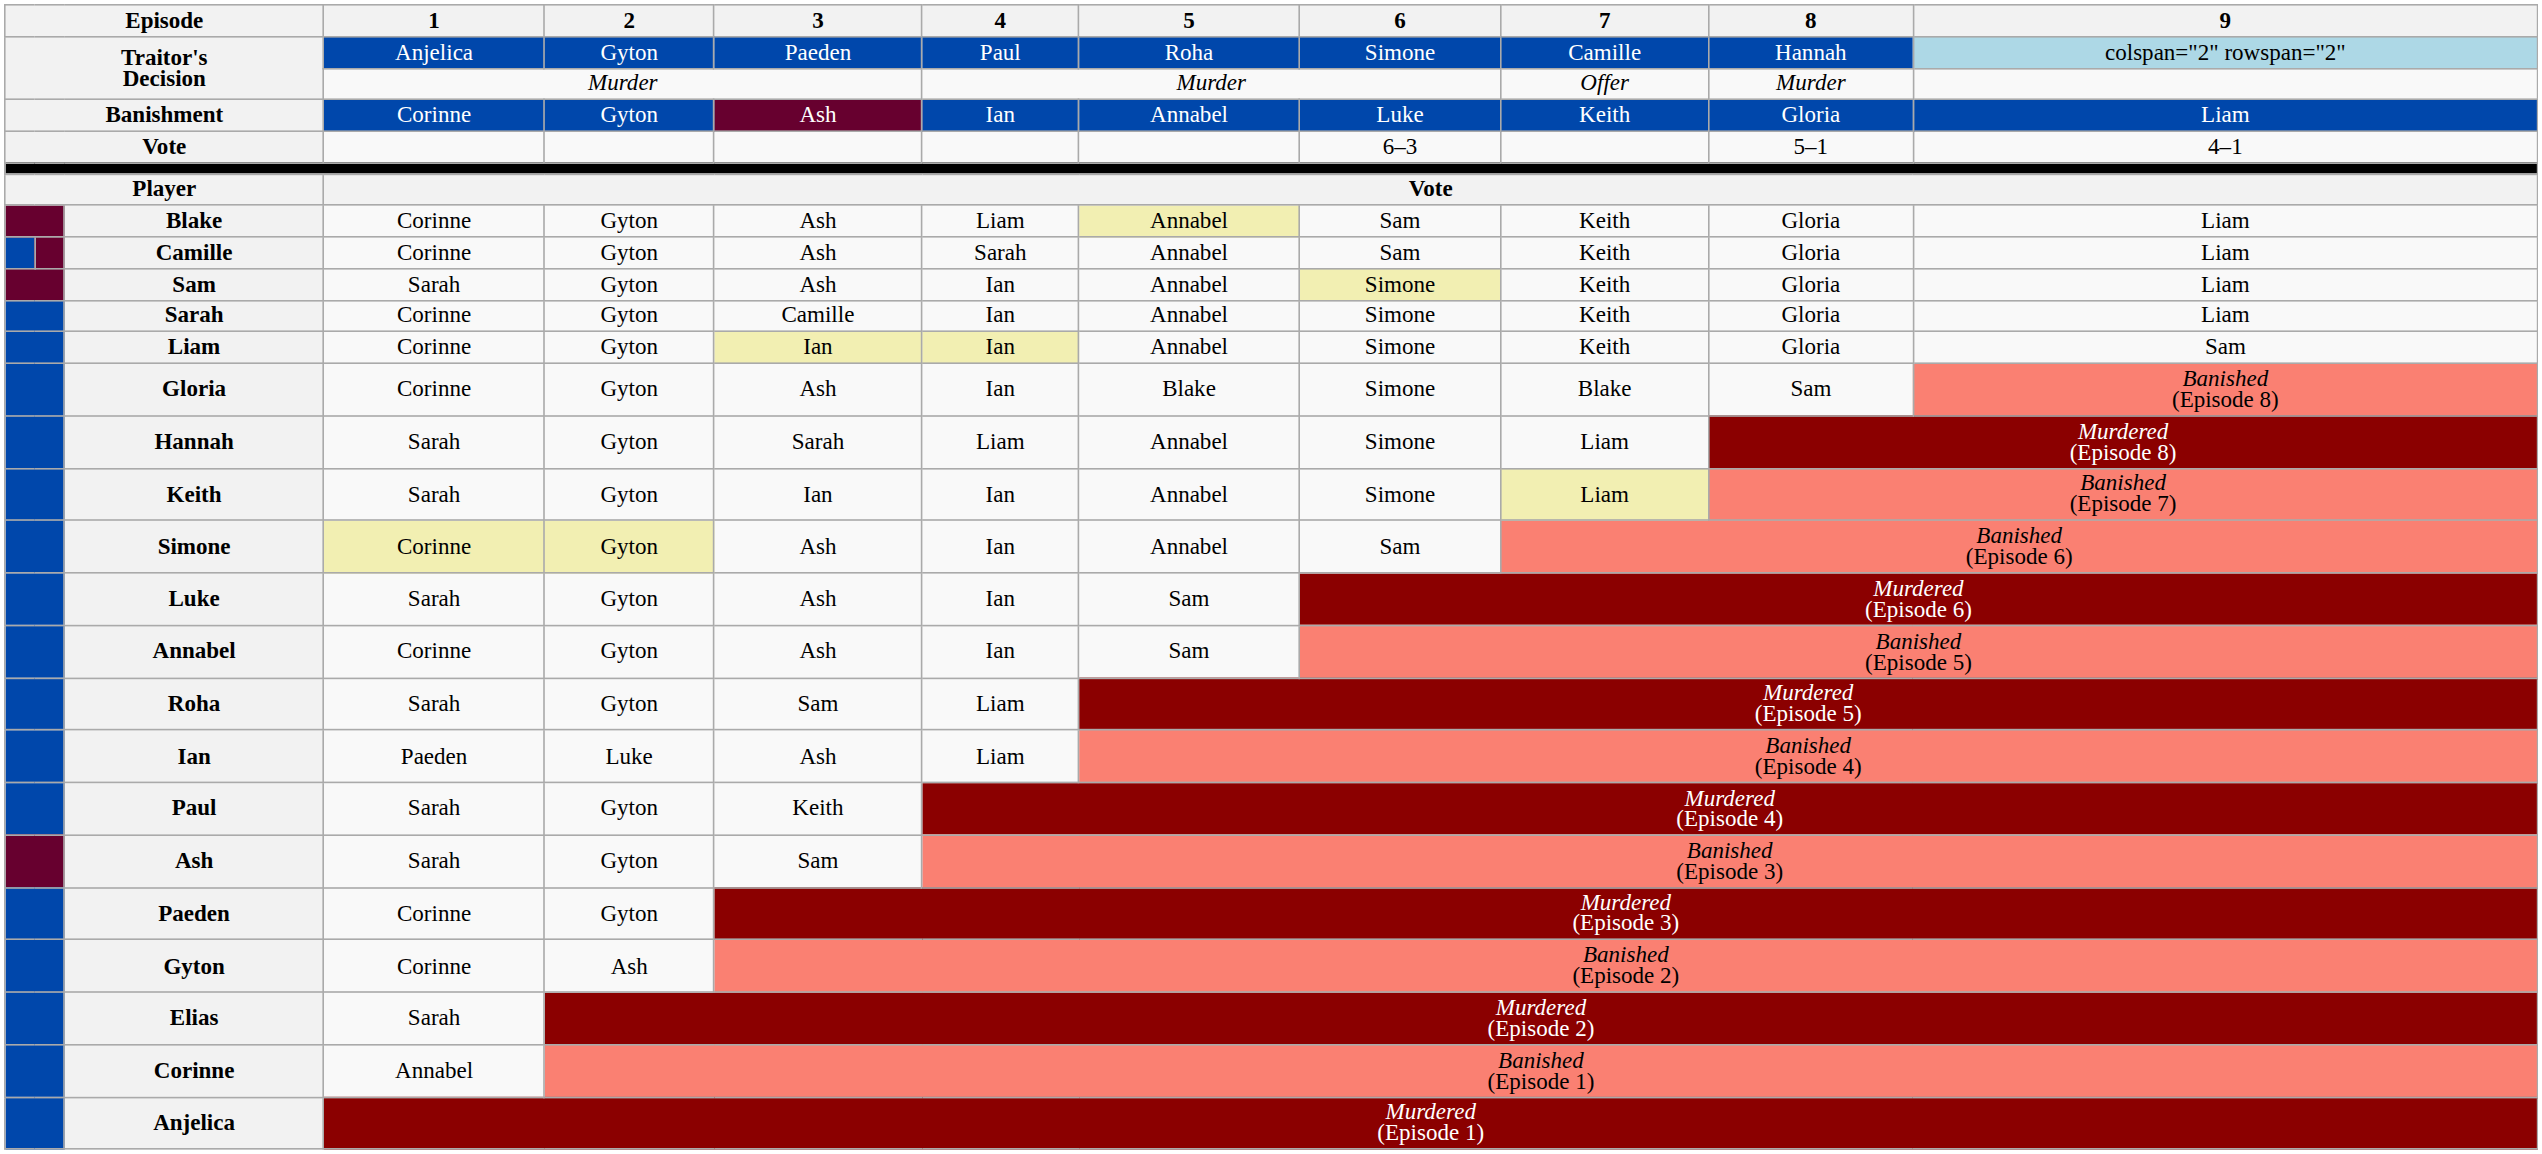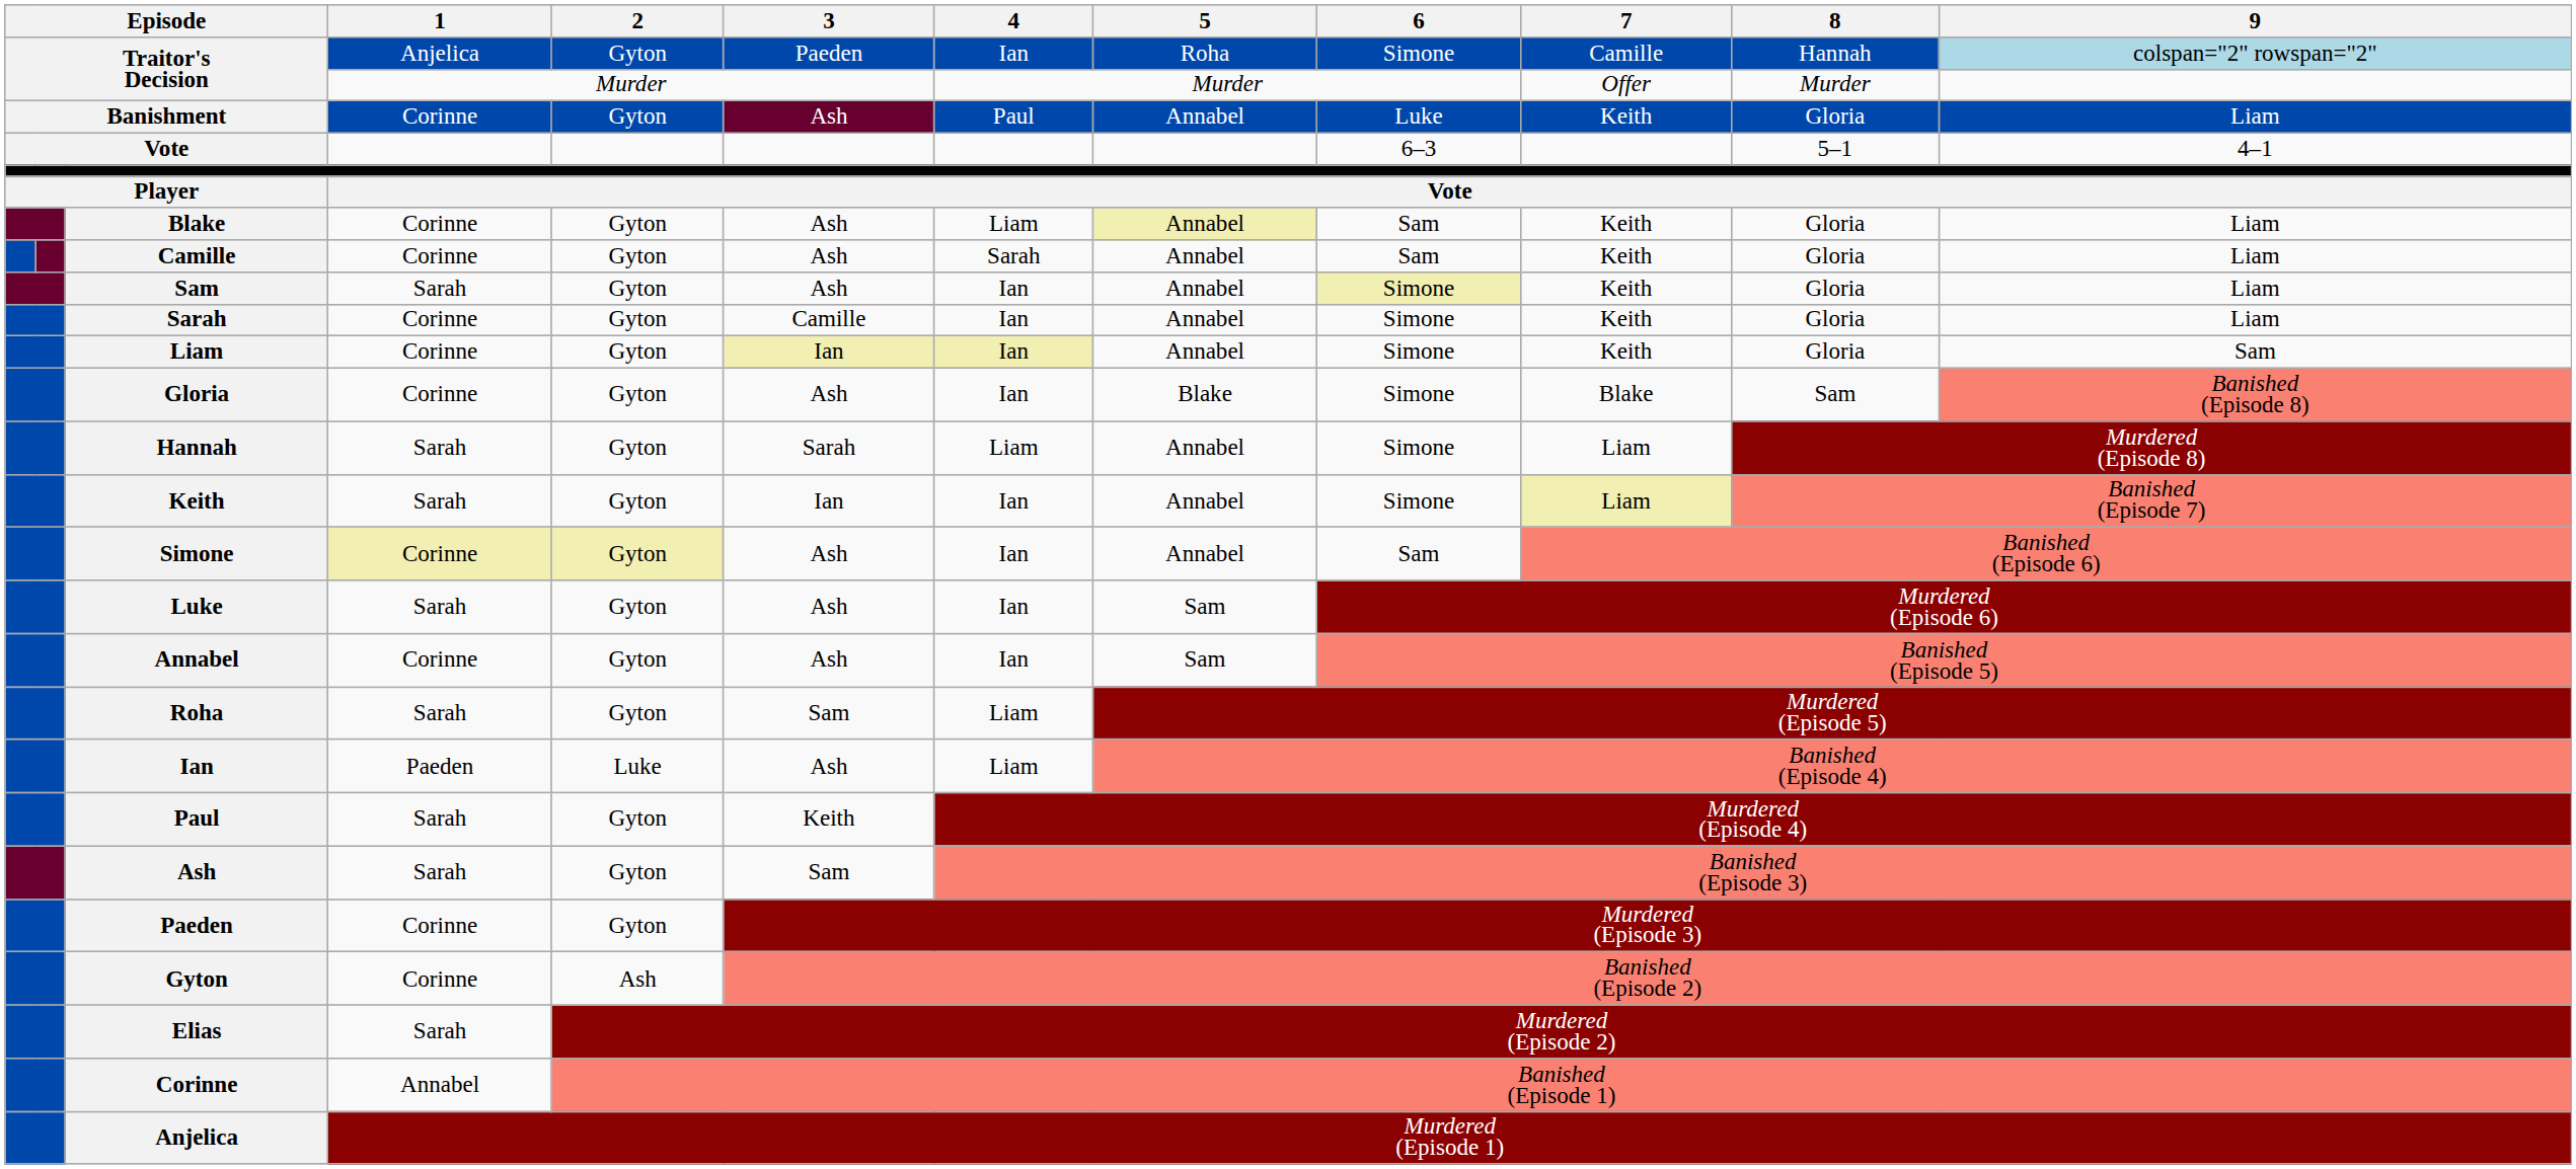 <table class="wikitable" style="text-align:center; width:100%; font-size:90%; line-height:13px">
 <tr>
 <th colspan="3">Episode</th>
 <th>1</th>
 <th>2</th>
 <th>3</th>
 <th>4</th>
 <th>5</th>
 <th>6</th>
 <th>7</th>
 <th>8</th>
 <th colspan="4">9</th>
 </tr>
 <tr>
 <th colspan="3" rowspan="2">Traitor's<br>Decision</th>
 <td bgcolor="#0047AB" align="center" span style="color:#FFFFFF;">Anjelica</td>
 <td bgcolor="#0047AB" align="center" span style="color:#FFFFFF;">Gyton</td>
 <td bgcolor="#0047AB" align="center" span style="color:#FFFFFF;">Paeden</td>
-<td bgcolor="#0047AB" align="center" span style="color:#FFFFFF;">Paul</td>
+<td bgcolor="#0047AB" align="center" span style="color:#FFFFFF;">Ian</td>
 <td bgcolor="#0047AB" align="center" span style="color:#FFFFFF;">Roha</td>
 <td bgcolor="#0047AB" align="center" span style="color:#FFFFFF;">Simone</td>
 <td bgcolor="#0047AB" align="center" span style="color:#FFFFFF;">Camille</td>
 <td bgcolor="#0047AB" align="center" span style="color:#FFFFFF;">Hannah</td>
 <td style="background: lightblue;">colspan="2" rowspan="2" </td>
 </tr>
 <tr>
 <td colspan="3" align="center"><em>Murder</em></td>
 <td colspan="3" align="center"><em>Murder</em></td>
 <td align="center"><em>Offer</em></td>
 <td align="center"><em>Murder</em></td>
 </tr>
 <tr>
 <th colspan="3">Banishment</th>
 <td bgcolor="#0047AB" align="center" span style="color:#FFFFFF;">Corinne</td>
 <td bgcolor="#0047AB" align="center" span style="color:#FFFFFF;">Gyton</td>
 <td bgcolor="#67002F" align="center" span style="color:#FFFFFF;">Ash</td>
-<td bgcolor="#0047AB" align="center" span style="color:#FFFFFF;">Ian</td>
+<td bgcolor="#0047AB" align="center" span style="color:#FFFFFF;">Paul</td>
 <td bgcolor="#0047AB" align="center" span style="color:#FFFFFF;">Annabel</td>
 <td bgcolor="#0047AB" align="center" span style="color:#FFFFFF;">Luke</td>
 <td bgcolor="#0047AB" align="center" span style="color:#FFFFFF;">Keith</td>
 <td bgcolor="#0047AB" align="center" span style="color:#FFFFFF;">Gloria</td>
 <td bgcolor="#0047AB" align="center" span style="color:#FFFFFF;">Liam</td>
 </tr>
 <tr>
 <th colspan="3">Vote</th>
 <td align="center"></td>
 <td align="center"></td>
 <td align="center"></td>
 <td align="center"></td>
 <td align="center"></td>
 <td align="center">6–3</td>
 <td align="center"></td>
 <td align="center">5–1</td>
 <td align="center">4–1</td>
 </tr>
 <tr>
 <td colspan="18" bgcolor="#000000"></td>
 </tr>
 <tr>
 <th colspan=3>Player</th>
 <th colspan=12>Vote</th>
 </tr>
 <tr>
 <td colspan="2" bgcolor="#67002F"></td>
 <th>Blake</th>
 <td align="center">Corinne</td>
 <td align="center">Gyton</td>
 <td align="center">Ash</td>
 <td align="center">Liam</td>
 <td bgcolor="F2EFB2" align="center">Annabel</td>
 <td align="center">Sam</td>
 <td align="center">Keith</td>
 <td align="center">Gloria</td>
 <td align="center">Liam</td>
 </tr>
 <tr>
 <td bgcolor="#0047AB"></td>
 <td colspan="1" bgcolor="#67002F"></td>
 <th>Camille</th>
 <td align="center">Corinne</td>
 <td align="center">Gyton</td>
 <td align="center">Ash</td>
 <td align="center">Sarah</td>
 <td align="center">Annabel</td>
 <td align="center">Sam</td>
 <td align="center">Keith</td>
 <td align="center">Gloria</td>
 <td align="center">Liam</td>
 </tr>
 <tr>
 <td colspan="2" bgcolor="#67002F"></td>
 <th>Sam</th>
 <td align="center">Sarah</td>
 <td align="center">Gyton</td>
 <td align="center">Ash</td>
 <td align="center">Ian</td>
 <td align="center">Annabel</td>
 <td bgcolor="F2EFB2" align="center">Simone</td>
 <td align="center">Keith</td>
 <td align="center">Gloria</td>
 <td align="center">Liam</td>
 </tr>
 <tr>
 <td colspan="2" bgcolor="#0047AB"></td>
 <th>Sarah</th>
 <td align="center">Corinne</td>
 <td align="center">Gyton</td>
 <td align="center">Camille</td>
 <td align="center">Ian</td>
 <td align="center">Annabel</td>
 <td align="center">Simone</td>
 <td align="center">Keith</td>
 <td align="center">Gloria</td>
 <td align="center">Liam</td>
 </tr>
 <tr>
 <td colspan="2" bgcolor="#0047AB"></td>
 <th>Liam</th>
 <td align="center">Corinne</td>
 <td align="center">Gyton</td>
 <td bgcolor="F2EFB2" align="center">Ian</td>
 <td bgcolor="F2EFB2" align="center">Ian</td>
 <td align="center">Annabel</td>
 <td align="center">Simone</td>
 <td align="center">Keith</td>
 <td align="center">Gloria</td>
 <td align="center">Sam</td>
 </tr>
 <tr>
 <td colspan="2" bgcolor="#0047AB"></td>
 <th>Gloria</th>
 <td align="center">Corinne</td>
 <td align="center">Gyton</td>
 <td align="center">Ash</td>
 <td align="center">Ian</td>
 <td align="center">Blake</td>
 <td align="center">Simone</td>
 <td align="center">Blake</td>
 <td align="center">Sam</td>
 <td colspan="4" align="center" style="background:salmon"><em>Banished</em> <br>(Episode 8)</td>
 </tr>
 <tr>
 <td colspan="2" bgcolor="#0047AB"></td>
 <th>Hannah</th>
 <td align="center">Sarah</td>
 <td align="center">Gyton</td>
 <td align="center">Sarah</td>
 <td align="center">Liam</td>
 <td align="center">Annabel</td>
 <td align="center">Simone</td>
 <td align="center">Liam</td>
 <td colspan="5" align="center" style="background:darkred; color:white;"><em>Murdered</em> <br>(Episode 8)</td>
 </tr>
 <tr>
 <td colspan="2" bgcolor="#0047AB"></td>
 <th>Keith</th>
 <td align="center">Sarah</td>
 <td align="center">Gyton</td>
 <td align="center">Ian</td>
 <td align="center">Ian</td>
 <td align="center">Annabel</td>
 <td align="center">Simone</td>
 <td bgcolor="F2EFB2" align="center">Liam</td>
 <td colspan="5" align="center" style="background:salmon"><em>Banished</em> <br>(Episode 7)</td>
 </tr>
 <tr>
 <td colspan="2" bgcolor="#0047AB"></td>
 <th>Simone</th>
 <td bgcolor="F2EFB2" align="center">Corinne</td>
 <td bgcolor="F2EFB2" align="center">Gyton</td>
 <td align="center">Ash</td>
 <td align="center">Ian</td>
 <td align="center">Annabel</td>
 <td align="center">Sam</td>
 <td colspan="6" align="center" style="background:salmon"><em>Banished</em> <br>(Episode 6)</td>
 </tr>
 <tr>
 <td colspan="2" bgcolor="#0047AB"></td>
 <th>Luke</th>
 <td align="center">Sarah</td>
 <td align="center">Gyton</td>
 <td align="center">Ash</td>
 <td align="center">Ian</td>
 <td align="center">Sam</td>
 <td colspan="7" align="center" style="background:darkred; color:white;"><em>Murdered</em> <br>(Episode 6)</td>
 </tr>
 <tr>
 <td colspan="2" bgcolor="#0047AB"></td>
 <th>Annabel</th>
 <td align="center">Corinne</td>
 <td align="center">Gyton</td>
 <td align="center">Ash</td>
 <td align="center">Ian</td>
 <td align="center">Sam</td>
 <td colspan="7" align="center" style="background:salmon"><em>Banished</em> <br>(Episode 5)</td>
 </tr>
 <tr>
 <td colspan="2" bgcolor="#0047AB"></td>
 <th>Roha</th>
 <td align="center">Sarah</td>
 <td align="center">Gyton</td>
 <td align="center">Sam</td>
 <td align="center">Liam</td>
 <td colspan="8" align="center" style="background:darkred; color:white;"><em>Murdered</em> <br>(Episode 5)</td>
 </tr>
 <tr>
 <td colspan="2" bgcolor="#0047AB"></td>
 <th>Ian</th>
 <td align="center">Paeden</td>
 <td align="center">Luke</td>
 <td align="center">Ash</td>
 <td align="center">Liam</td>
 <td colspan="8" align="center" style="background:salmon"><em>Banished</em> <br>(Episode 4)</td>
 </tr>
 <tr>
 <td colspan="2" bgcolor="#0047AB"></td>
 <th>Paul</th>
 <td align="center">Sarah</td>
 <td align="center">Gyton</td>
 <td align="center">Keith</td>
 <td colspan="9" align="center" style="background:darkred; color:white;"><em>Murdered</em> <br>(Episode 4)</td>
 </tr>
 <tr>
 <td colspan="2" bgcolor="#67002F"></td>
 <th>Ash</th>
 <td align="center">Sarah</td>
 <td align="center">Gyton</td>
 <td align="center">Sam</td>
 <td colspan="9" align="center" style="background:salmon"><em>Banished</em> <br>(Episode 3)</td>
 </tr>
 <tr>
 <td colspan="2" bgcolor="#0047AB"></td>
 <th>Paeden</th>
 <td align="center">Corinne</td>
 <td align="center">Gyton</td>
 <td colspan="10" align="center" style="background:darkred; color:white;"><em>Murdered</em> <br>(Episode 3)</td>
 </tr>
 <tr>
 <td colspan="2" bgcolor="#0047AB"></td>
 <th>Gyton</th>
 <td align="center">Corinne</td>
 <td align="center">Ash</td>
 <td colspan="10" align="center" style="background:salmon"><em>Banished</em> <br>(Episode 2)</td>
 </tr>
 <tr>
 <td colspan="2" bgcolor="#0047AB"></td>
 <th>Elias</th>
 <td align="center">Sarah</td>
 <td colspan="11" align="center" style="background:darkred; color:white;"><em>Murdered</em> <br>(Episode 2)</td>
 </tr>
 <tr>
 <td colspan="2" bgcolor="#0047AB"></td>
 <th>Corinne</th>
 <td align="center">Annabel</td>
 <td colspan="11" align="center" style="background:salmon"><em>Banished</em> <br>(Episode 1)</td>
 </tr>
 <tr>
 <td colspan="2" bgcolor="#0047AB"></td>
 <th>Anjelica</th>
 <td colspan="12" align="center" style="background:darkred; color:white;"><em>Murdered</em> <br>(Episode 1)</td>
 </tr>
 </table>
